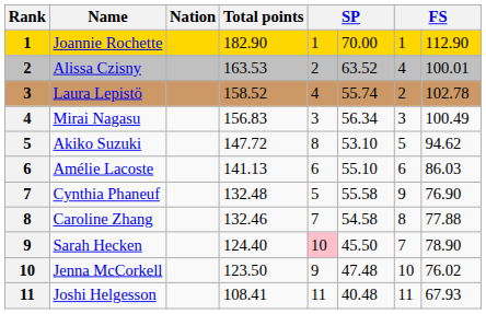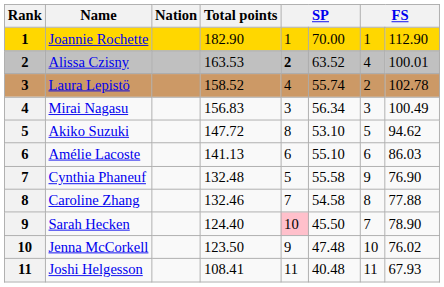 <table class="wikitable sortable">
 <tr>
 <th>Rank</th>
 <th>Name</th>
 <th>Nation</th>
 <th>Total points</th>
 <th colspan="2" width="80px"><a href='#'>SP</a></th>
 <th colspan="2" width="80px"><a href='#'>FS</a></th>
 </tr>
 <tr bgcolor="gold">
 <td align="center"><strong>1</strong></td>
 <td><a href='#'>Joannie Rochette</a></td>
 <td></td>
 <td>182.90</td>
 <td>1</td>
 <td>70.00</td>
 <td>1</td>
 <td>112.90</td>
 </tr>
 <tr bgcolor="silver">
 <td align="center"><strong>2</strong></td>
 <td><a href='#'>Alissa Czisny</a></td>
 <td></td>
 <td>163.53</td>
-<td>2</td>
+<td><strong>2</strong></td>
 <td>63.52</td>
 <td>4</td>
 <td>100.01</td>
 </tr>
 <tr bgcolor="cc9966">
 <td align="center"><strong>3</strong></td>
 <td><a href='#'>Laura Lepistö</a></td>
 <td></td>
 <td>158.52</td>
 <td>4</td>
 <td>55.74</td>
 <td>2</td>
 <td>102.78</td>
 </tr>
 <tr>
 <th>4</th>
 <td><a href='#'>Mirai Nagasu</a></td>
 <td></td>
 <td>156.83</td>
 <td>3</td>
 <td>56.34</td>
 <td>3</td>
 <td>100.49</td>
 </tr>
 <tr>
 <th>5</th>
 <td><a href='#'>Akiko Suzuki</a></td>
 <td></td>
 <td>147.72</td>
 <td>8</td>
 <td>53.10</td>
 <td>5</td>
 <td>94.62</td>
 </tr>
 <tr>
 <th>6</th>
 <td><a href='#'>Amélie Lacoste</a></td>
 <td></td>
 <td>141.13</td>
 <td>6</td>
 <td>55.10</td>
 <td>6</td>
 <td>86.03</td>
 </tr>
 <tr>
 <th>7</th>
 <td><a href='#'>Cynthia Phaneuf</a></td>
 <td></td>
 <td>132.48</td>
 <td>5</td>
 <td>55.58</td>
 <td>9</td>
 <td>76.90</td>
 </tr>
 <tr>
 <th>8</th>
 <td><a href='#'>Caroline Zhang</a></td>
 <td></td>
 <td>132.46</td>
 <td>7</td>
 <td>54.58</td>
 <td>8</td>
 <td>77.88</td>
 </tr>
 <tr>
 <th>9</th>
 <td><a href='#'>Sarah Hecken</a></td>
 <td></td>
 <td>124.40</td>
 <td style="background: pink;">10</td>
 <td>45.50</td>
 <td>7</td>
 <td>78.90</td>
 </tr>
 <tr>
 <th>10</th>
 <td><a href='#'>Jenna McCorkell</a></td>
 <td></td>
 <td>123.50</td>
 <td>9</td>
 <td>47.48</td>
 <td>10</td>
 <td>76.02</td>
 </tr>
 <tr>
 <th>11</th>
 <td><a href='#'>Joshi Helgesson</a></td>
 <td></td>
 <td>108.41</td>
 <td>11</td>
 <td>40.48</td>
 <td>11</td>
 <td>67.93</td>
 </tr>
 </table>
